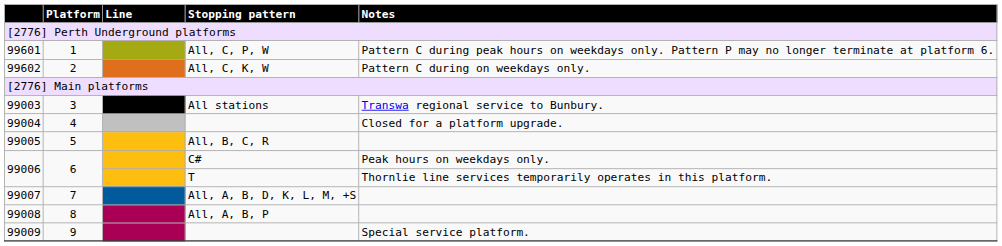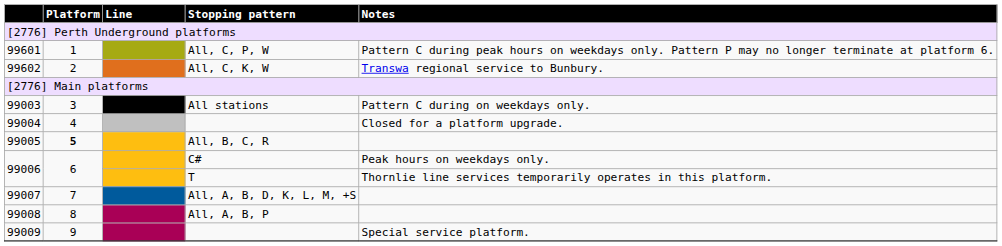 <table class="wikitable" style="float: none; margin-center: 1em; margin-bottom: 0.5em; border: black solid 1px; text-align:center;">
 <tr style="color:#FFFFFF;">
 <th style="background:#000000; text-align:left;"></th>
 <th style="background:#000000; text-align:left;">Platform</th>
 <th style="background:#000000; text-align:left; width:90px;">Line</th>
 <th style="background:#000000; text-align:left;">Stopping pattern</th>
 <th style="background:#000000; text-align:left;">Notes</th>
 </tr>
 <tr>
 <td colspan="5" style="background:#EDF; text-align:left;">[2776] Perth Underground platforms</td>
 </tr>
 <tr>
 <td>99601</td>
 <td>1</td>
 <td style="color:white; background:#A6AA12;"><strong><a href='#'></a></strong></td>
 <td style="text-align:left;">All, C, P, W</td>
 <td style="text-align:left;">Pattern C during peak hours on weekdays only. Pattern P may no longer terminate at platform 6.</td>
 </tr>
 <tr>
 <td>99602</td>
 <td>2</td>
 <td style="color:white; background:#E06F1D;"><strong><a href='#'></a></strong></td>
 <td style="text-align:left;">All, C, K, W</td>
-<td style="text-align:left;">Pattern C during on weekdays only.</td>
+<td style="text-align:left;"><a href='#'>Transwa</a> regional service to Bunbury.</td>
 </tr>
 <tr>
 <td colspan="5" style="background:#EDF; text-align:left;">[2776] Main platforms</td>
 </tr>
 <tr>
 <td>99003</td>
 <td>3</td>
 <td style="color:#E0730E; background:#000000;"><strong><a href='#'></a></strong></td>
 <td style="text-align:left;">All stations</td>
-<td style="text-align:left;"><a href='#'>Transwa</a> regional service to Bunbury.</td>
+<td style="text-align:left;">Pattern C during on weekdays only.</td>
 </tr>
 <tr>
 <td>99004</td>
 <td>4</td>
 <td style="background:silver;"></td>
 <td></td>
 <td style="text-align:left;">Closed for a platform upgrade.</td>
 </tr>
 <tr>
 <td>99005</td>
-<td>5</td>
+<td><strong>5</strong></td>
 <td style="color:black; background:#FEBE10;"><strong><a href='#'></a></strong></td>
 <td style="text-align:left;">All, B, C, R</td>
 <td style="text-align:left;"></td>
 </tr>
 <tr>
 <td rowspan="2">99006</td>
 <td rowspan="2">6</td>
 <td style="color:black; background:#FEBE10;"><strong><a href='#'></a></strong></td>
 <td style="text-align:left;">C#</td>
 <td style="text-align:left;">Peak hours on weekdays only.</td>
 </tr>
 <tr>
 <td style="color:black; background:#FEBE10;"><strong><a href='#'></a></strong></td>
 <td style="text-align:left;">T</td>
 <td style="text-align:left;">Thornlie line services temporarily operates in this platform.</td>
 </tr>
 <tr>
 <td>99007</td>
 <td>7</td>
 <td style="color:white; background:#005A9C;"><strong><a href='#'></a></strong></td>
 <td style="text-align:left;">All, A, B, D, K, L, M, +S</td>
 <td style="text-align:left;"></td>
 </tr>
 <tr>
 <td>99008</td>
 <td>8</td>
 <td style="color:white; background:#A90056;"><strong><a href='#'></a></strong></td>
 <td style="text-align:left;">All, A, B, P</td>
 <td style="text-align:left;"></td>
 </tr>
 <tr>
 <td>99009</td>
 <td>9</td>
 <td style="color:white; background:#A90056;"><strong><a href='#'></a></strong></td>
 <td></td>
 <td style="text-align:left;">Special service platform.</td>
 </tr>
 <tr>
 </tr>
 </table>
